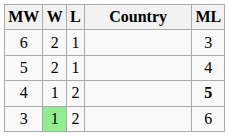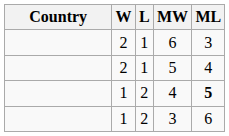 <table class="wikitable sortable" style="text-align:center">
 <tr>
-<th>MW</th>
+<th width=100>Country</th>
 <th>W</th>
 <th>L</th>
-<th width=100>Country</th>
+<th>MW</th>
 <th>ML</th>
 </tr>
 <tr>
-<td>6</td>
+<td align=left><strong></strong></td>
 <td>2</td>
 <td>1</td>
-<td align=left><strong></strong></td>
+<td>6</td>
 <td>3</td>
 </tr>
 <tr>
-<td>5</td>
+<td align=left></td>
 <td>2</td>
 <td>1</td>
-<td align=left></td>
+<td>5</td>
 <td>4</td>
 </tr>
 <tr>
-<td>4</td>
+<td align=left></td>
 <td>1</td>
 <td>2</td>
-<td align=left></td>
+<td>4</td>
 <td><strong>5</strong></td>
 </tr>
 <tr>
+<td align=left></td>
+<td>1</td>
+<td>2</td>
 <td>3</td>
-<td style="background: lightgreen;">1</td>
-<td>2</td>
-<td align=left></td>
 <td>6</td>
 </tr>
 </table>
